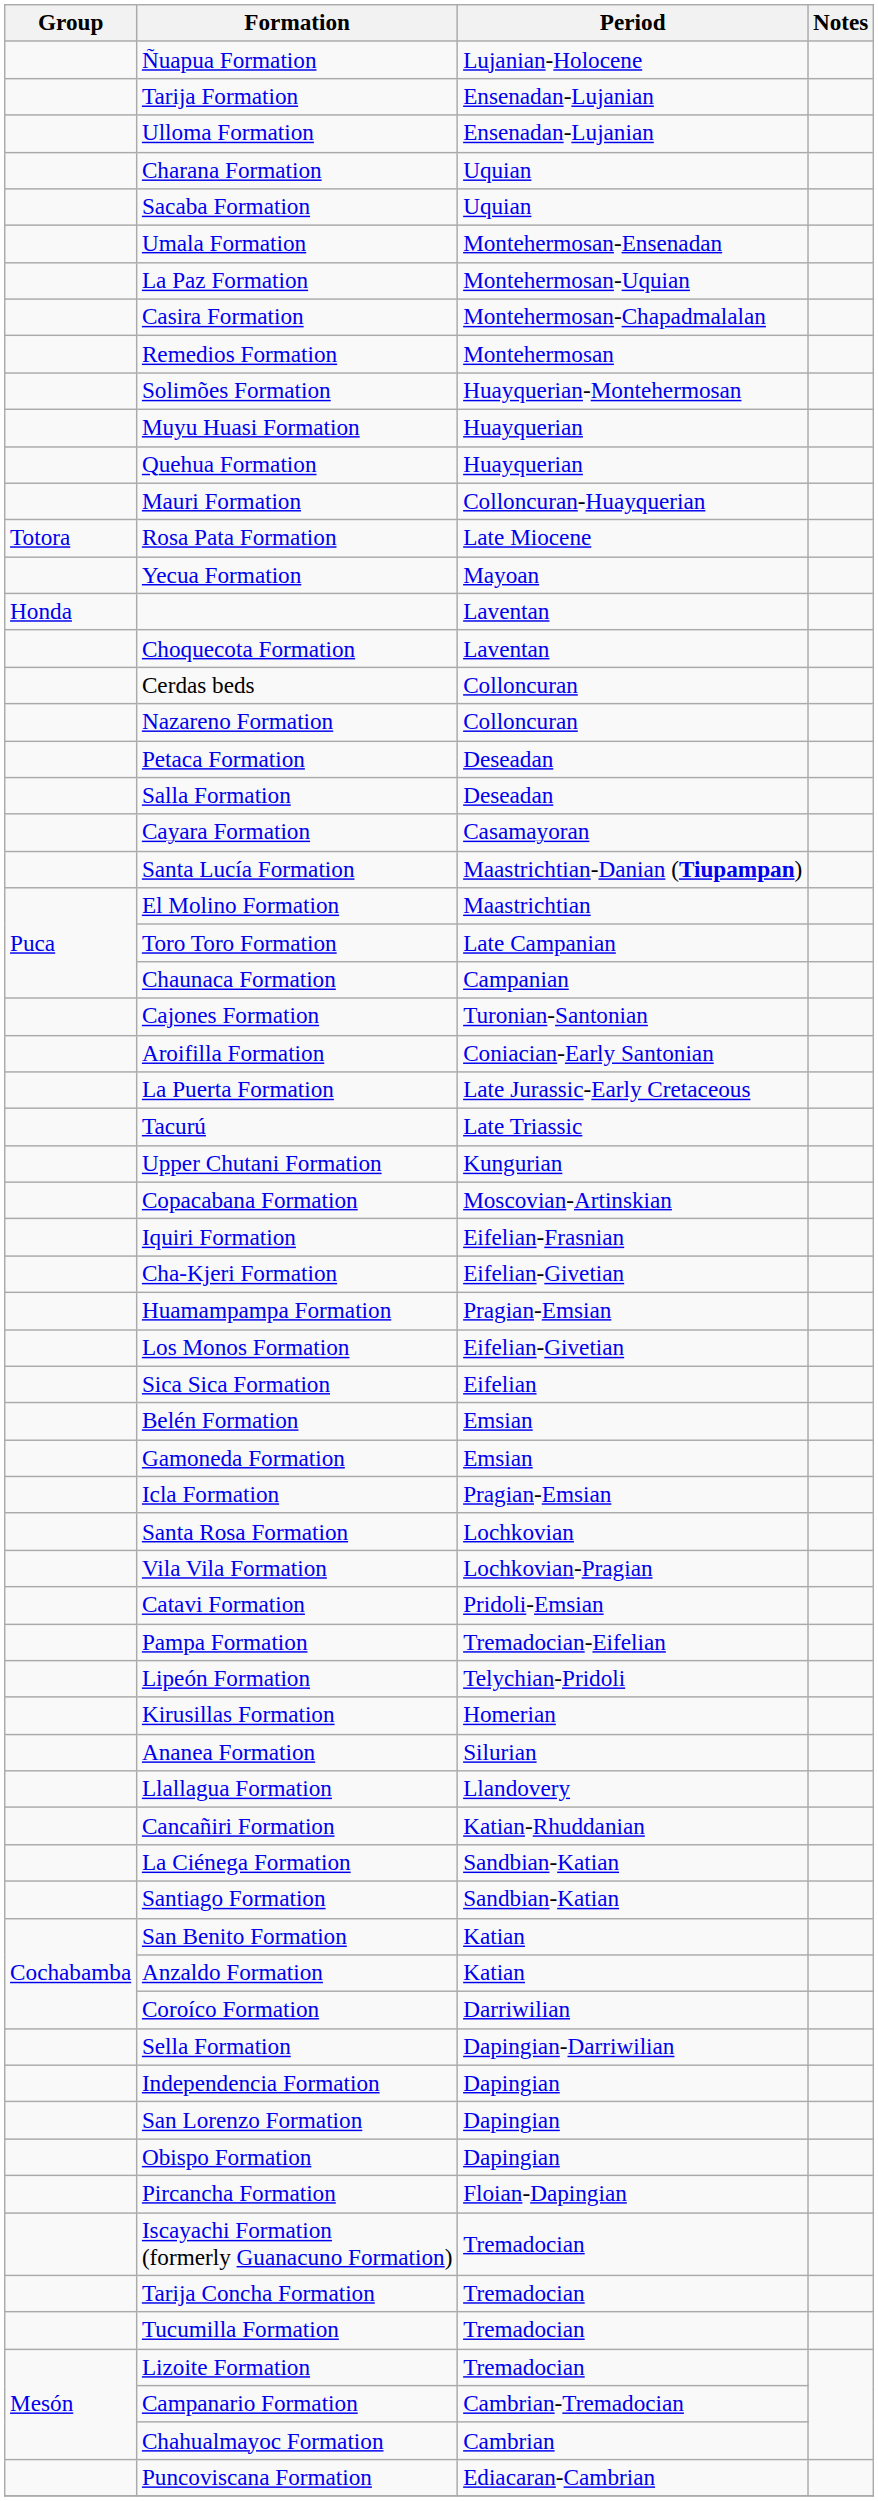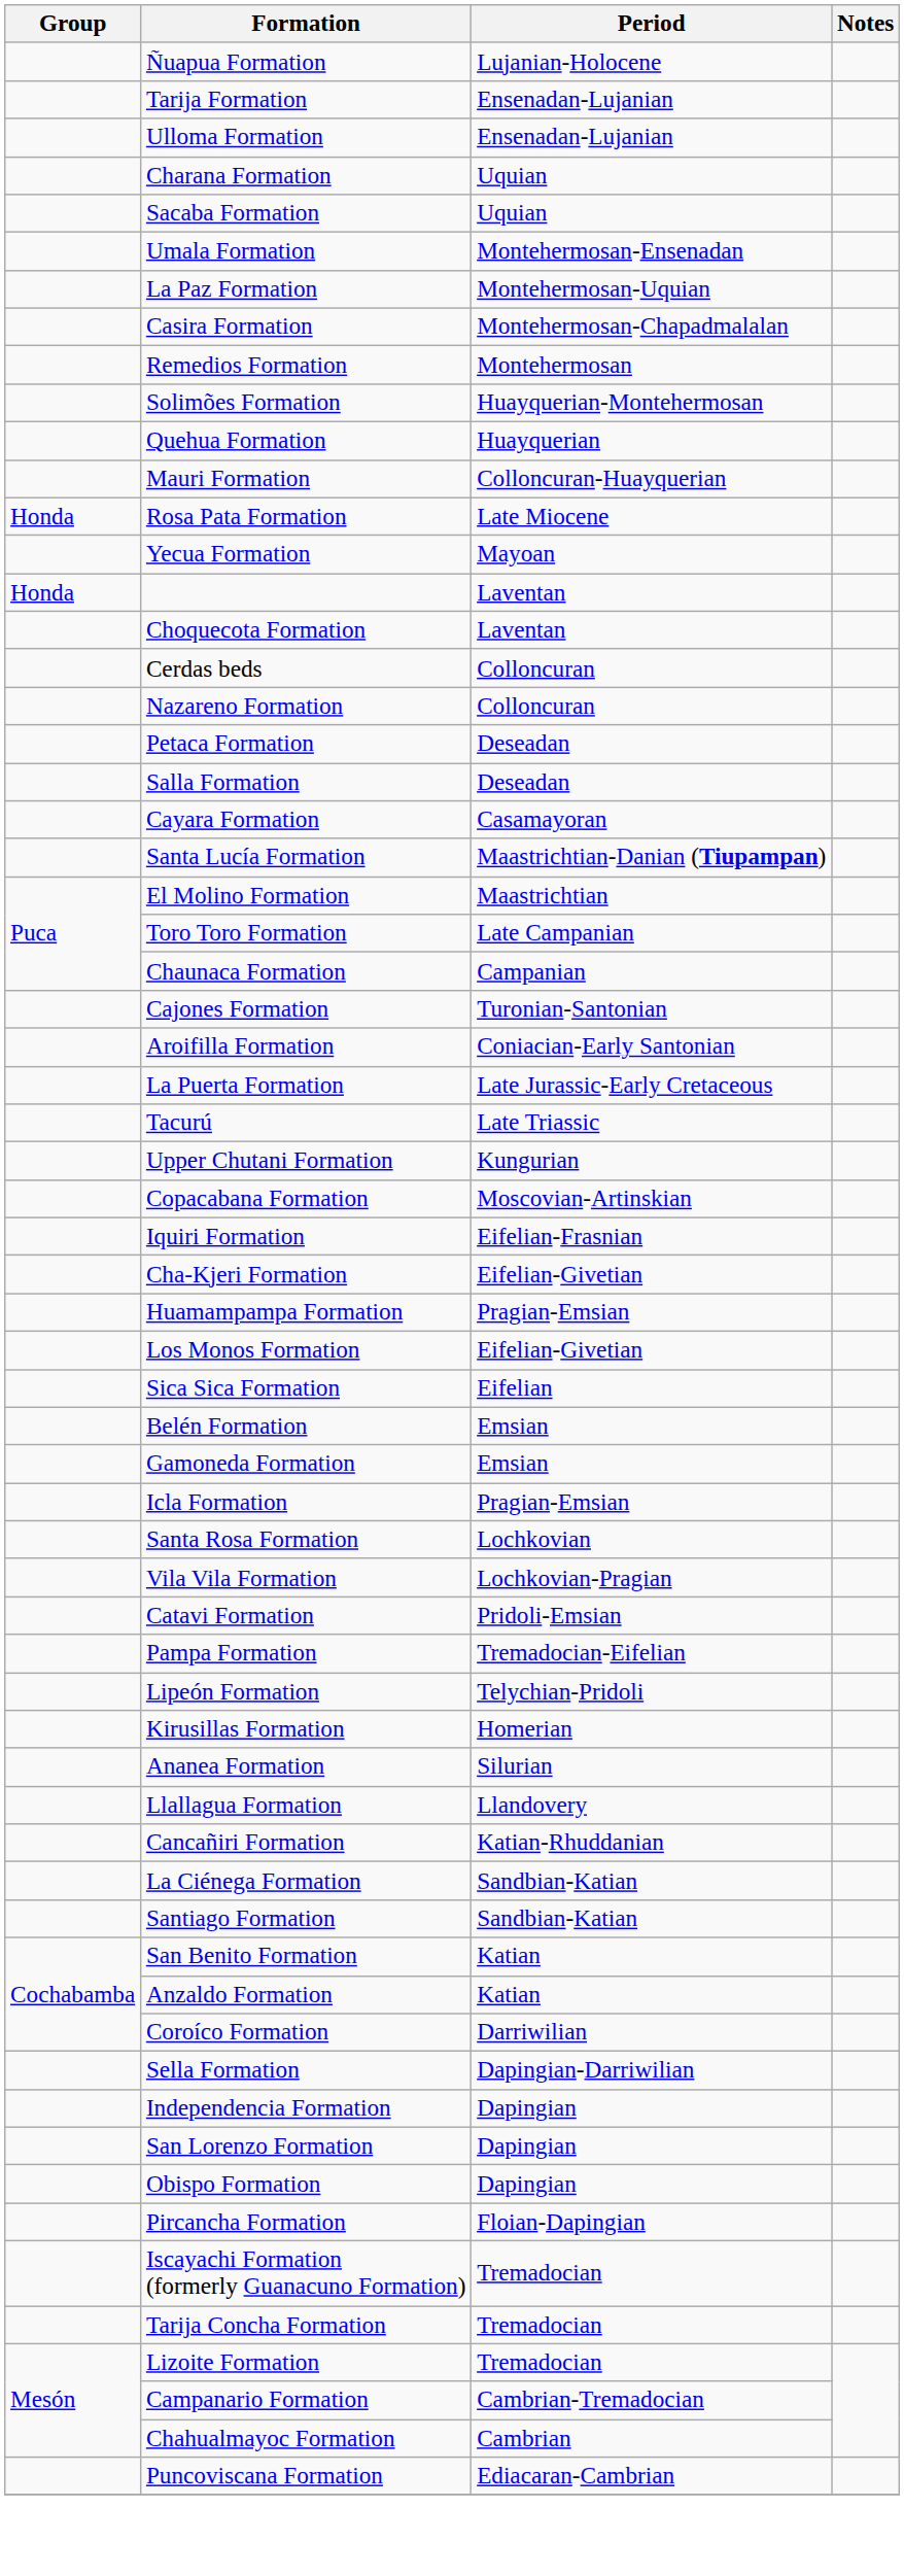 <table class="wikitable sortable">
 <tr>
 <th>Group</th>
 <th>Formation</th>
 <th>Period</th>
 <th class="unsortable">Notes</th>
 </tr>
 <tr>
 <td></td>
 <td><a href='#'>Ñuapua Formation</a></td>
 <td style="background-color: "><a href='#'>Lujanian</a>-<a href='#'>Holocene</a></td>
 <td align=center></td>
 </tr>
 <tr>
 <td></td>
 <td><a href='#'>Tarija Formation</a></td>
 <td style="background-color: "><a href='#'>Ensenadan</a>-<a href='#'>Lujanian</a></td>
 <td align=center></td>
 </tr>
 <tr>
 <td></td>
 <td><a href='#'>Ulloma Formation</a></td>
 <td style="background-color: "><a href='#'>Ensenadan</a>-<a href='#'>Lujanian</a></td>
 <td align=center></td>
 </tr>
 <tr>
 <td></td>
 <td><a href='#'>Charana Formation</a></td>
 <td style="background-color: "><a href='#'>Uquian</a></td>
 <td align=center></td>
 </tr>
 <tr>
 <td></td>
 <td><a href='#'>Sacaba Formation</a></td>
 <td style="background-color: "><a href='#'>Uquian</a></td>
 <td align=center></td>
 </tr>
 <tr>
 <td></td>
 <td><a href='#'>Umala Formation</a></td>
 <td style="background-color: "><a href='#'>Montehermosan</a>-<a href='#'>Ensenadan</a></td>
 <td align=center></td>
 </tr>
 <tr>
 <td></td>
 <td><a href='#'>La Paz Formation</a></td>
 <td style="background-color: "><a href='#'>Montehermosan</a>-<a href='#'>Uquian</a></td>
 <td align=center></td>
 </tr>
 <tr>
 <td></td>
 <td><a href='#'>Casira Formation</a></td>
 <td style="background-color: "><a href='#'>Montehermosan</a>-<a href='#'>Chapadmalalan</a></td>
 <td align=center></td>
 </tr>
 <tr>
 <td></td>
 <td><a href='#'>Remedios Formation</a></td>
 <td style="background-color: "><a href='#'>Montehermosan</a></td>
 <td align=center></td>
 </tr>
 <tr>
 <td></td>
 <td><a href='#'>Solimões Formation</a></td>
 <td style="background-color: "><a href='#'>Huayquerian</a>-<a href='#'>Montehermosan</a></td>
 <td align=center></td>
 </tr>
 <tr>
 <td></td>
-<td><a href='#'>Muyu Huasi Formation</a></td>
-<td style="background-color: "><a href='#'>Huayquerian</a></td>
-<td align=center></td>
-</tr>
-<tr>
-<td></td>
 <td><a href='#'>Quehua Formation</a></td>
 <td style="background-color: "><a href='#'>Huayquerian</a></td>
 <td align=center></td>
 </tr>
 <tr>
 <td></td>
 <td><a href='#'>Mauri Formation</a></td>
 <td style="background-color: "><a href='#'>Colloncuran</a>-<a href='#'>Huayquerian</a></td>
 <td align=center></td>
 </tr>
 <tr>
-<td><a href='#'>Totora</a></td>
+<td><a href='#'>Honda</a></td>
 <td><a href='#'>Rosa Pata Formation</a></td>
 <td style="background-color: "><a href='#'>Late Miocene</a></td>
 <td align=center></td>
 </tr>
 <tr>
 <td></td>
 <td><a href='#'>Yecua Formation</a></td>
 <td style="background-color: "><a href='#'>Mayoan</a></td>
 <td align=center></td>
 </tr>
 <tr>
 <td><a href='#'>Honda</a></td>
 <td></td>
 <td style="background-color: "><a href='#'>Laventan</a></td>
 <td align=center></td>
 </tr>
 <tr>
 <td></td>
 <td><a href='#'>Choquecota Formation</a></td>
 <td style="background-color: "><a href='#'>Laventan</a></td>
 <td align=center></td>
 </tr>
 <tr>
 <td></td>
 <td>Cerdas beds</td>
 <td style="background-color: "><a href='#'>Colloncuran</a></td>
 <td align=center></td>
 </tr>
 <tr>
 <td></td>
 <td><a href='#'>Nazareno Formation</a></td>
 <td style="background-color: "><a href='#'>Colloncuran</a></td>
 <td align=center></td>
 </tr>
 <tr>
 <td></td>
 <td><a href='#'>Petaca Formation</a></td>
 <td style="background-color: "><a href='#'>Deseadan</a></td>
 <td align=center></td>
 </tr>
 <tr>
 <td></td>
 <td><a href='#'>Salla Formation</a></td>
 <td style="background-color: "><a href='#'>Deseadan</a></td>
 <td align=center></td>
 </tr>
 <tr>
 <td></td>
 <td><a href='#'>Cayara Formation</a></td>
 <td style="background-color: "><a href='#'>Casamayoran</a></td>
 <td align=center></td>
 </tr>
 <tr>
 <td></td>
 <td><a href='#'>Santa Lucía Formation</a></td>
 <td style="background-color: "><a href='#'>Maastrichtian</a>-<a href='#'>Danian</a> (<strong><a href='#'>Tiupampan</a></strong>)</td>
 <td align=center></td>
 </tr>
 <tr>
 <td rowspan=3><a href='#'>Puca</a></td>
 <td><a href='#'>El Molino Formation</a></td>
 <td style="background-color: "><a href='#'>Maastrichtian</a></td>
 <td align=center></td>
 </tr>
 <tr>
 <td><a href='#'>Toro Toro Formation</a></td>
 <td style="background-color: "><a href='#'>Late Campanian</a></td>
 <td align=center></td>
 </tr>
 <tr>
 <td><a href='#'>Chaunaca Formation</a></td>
 <td style="background-color: "><a href='#'>Campanian</a></td>
 <td align=center></td>
 </tr>
 <tr>
 <td></td>
 <td><a href='#'>Cajones Formation</a></td>
 <td style="background-color: "><a href='#'>Turonian</a>-<a href='#'>Santonian</a></td>
 <td align=center></td>
 </tr>
 <tr>
 <td></td>
 <td><a href='#'>Aroifilla Formation</a></td>
 <td style="background-color: "><a href='#'>Coniacian</a>-<a href='#'>Early Santonian</a></td>
 <td align=center></td>
 </tr>
 <tr>
 <td></td>
 <td><a href='#'>La Puerta Formation</a></td>
 <td style="background-color: "><a href='#'>Late Jurassic</a>-<a href='#'>Early Cretaceous</a></td>
 <td align=center></td>
 </tr>
 <tr>
 <td></td>
 <td><a href='#'>Tacurú</a></td>
 <td style="background-color: "><a href='#'>Late Triassic</a></td>
 <td align=center></td>
 </tr>
 <tr>
 <td></td>
 <td><a href='#'>Upper Chutani Formation</a></td>
 <td style="background-color: "><a href='#'>Kungurian</a></td>
 <td align=center></td>
 </tr>
 <tr>
 <td></td>
 <td><a href='#'>Copacabana Formation</a></td>
 <td style="background-color: "><a href='#'>Moscovian</a>-<a href='#'>Artinskian</a></td>
 <td align=center></td>
 </tr>
 <tr>
 <td></td>
 <td><a href='#'>Iquiri Formation</a></td>
 <td style="background-color: "><a href='#'>Eifelian</a>-<a href='#'>Frasnian</a></td>
 <td align=center></td>
 </tr>
 <tr>
 <td></td>
 <td><a href='#'>Cha-Kjeri Formation</a></td>
 <td style="background-color: "><a href='#'>Eifelian</a>-<a href='#'>Givetian</a></td>
 <td align=center></td>
 </tr>
 <tr>
 <td></td>
 <td><a href='#'>Huamampampa Formation</a></td>
 <td style="background-color: "><a href='#'>Pragian</a>-<a href='#'>Emsian</a></td>
 <td align=center></td>
 </tr>
 <tr>
 <td></td>
 <td><a href='#'>Los Monos Formation</a></td>
 <td style="background-color: "><a href='#'>Eifelian</a>-<a href='#'>Givetian</a></td>
 <td align=center></td>
 </tr>
 <tr>
 <td></td>
 <td><a href='#'>Sica Sica Formation</a></td>
 <td style="background-color: "><a href='#'>Eifelian</a></td>
 <td align=center></td>
 </tr>
 <tr>
 <td></td>
 <td><a href='#'>Belén Formation</a></td>
 <td style="background-color: "><a href='#'>Emsian</a></td>
 <td align=center></td>
 </tr>
 <tr>
 <td></td>
 <td><a href='#'>Gamoneda Formation</a></td>
 <td style="background-color: "><a href='#'>Emsian</a></td>
 <td align=center></td>
 </tr>
 <tr>
 <td></td>
 <td><a href='#'>Icla Formation</a></td>
 <td style="background-color: "><a href='#'>Pragian</a>-<a href='#'>Emsian</a></td>
 <td align=center></td>
 </tr>
 <tr>
 <td></td>
 <td><a href='#'>Santa Rosa Formation</a></td>
 <td style="background-color: "><a href='#'>Lochkovian</a></td>
 <td align=center></td>
 </tr>
 <tr>
 <td></td>
 <td><a href='#'>Vila Vila Formation</a></td>
 <td style="background-color: "><a href='#'>Lochkovian</a>-<a href='#'>Pragian</a></td>
 <td align=center></td>
 </tr>
 <tr>
 <td></td>
 <td><a href='#'>Catavi Formation</a></td>
 <td style="background-color: "><a href='#'>Pridoli</a>-<a href='#'>Emsian</a></td>
 <td align=center></td>
 </tr>
 <tr>
 <td></td>
 <td><a href='#'>Pampa Formation</a></td>
 <td style="background-color: "><a href='#'>Tremadocian</a>-<a href='#'>Eifelian</a></td>
 <td align=center></td>
 </tr>
 <tr>
 <td></td>
 <td><a href='#'>Lipeón Formation</a></td>
 <td style="background-color: "><a href='#'>Telychian</a>-<a href='#'>Pridoli</a></td>
 <td align=center></td>
 </tr>
 <tr>
 <td></td>
 <td><a href='#'>Kirusillas Formation</a></td>
 <td style="background-color: "><a href='#'>Homerian</a></td>
 <td align=center></td>
 </tr>
 <tr>
 <td></td>
 <td><a href='#'>Ananea Formation</a></td>
 <td style="background-color: "><a href='#'>Silurian</a></td>
 <td align=center></td>
 </tr>
 <tr>
 <td></td>
 <td><a href='#'>Llallagua Formation</a></td>
 <td style="background-color: "><a href='#'>Llandovery</a></td>
 <td align=center></td>
 </tr>
 <tr>
 <td></td>
 <td><a href='#'>Cancañiri Formation</a></td>
 <td style="background-color: "><a href='#'>Katian</a>-<a href='#'>Rhuddanian</a></td>
 <td align=center></td>
 </tr>
 <tr>
 <td></td>
 <td><a href='#'>La Ciénega Formation</a></td>
 <td style="background-color: "><a href='#'>Sandbian</a>-<a href='#'>Katian</a></td>
 <td align=center></td>
 </tr>
 <tr>
 <td></td>
 <td><a href='#'>Santiago Formation</a></td>
 <td style="background-color: "><a href='#'>Sandbian</a>-<a href='#'>Katian</a></td>
 <td align=center></td>
 </tr>
 <tr>
 <td rowspan=3><a href='#'>Cochabamba</a></td>
 <td><a href='#'>San Benito Formation</a></td>
 <td style="background-color: "><a href='#'>Katian</a></td>
 <td align=center></td>
 </tr>
 <tr>
 <td><a href='#'>Anzaldo Formation</a></td>
 <td style="background-color: "><a href='#'>Katian</a></td>
 <td align=center></td>
 </tr>
 <tr>
 <td><a href='#'>Coroíco Formation</a></td>
 <td style="background-color: "><a href='#'>Darriwilian</a></td>
 <td align=center></td>
 </tr>
 <tr>
 <td></td>
 <td><a href='#'>Sella Formation</a></td>
 <td style="background-color: "><a href='#'>Dapingian</a>-<a href='#'>Darriwilian</a></td>
 <td align=center></td>
 </tr>
 <tr>
 <td></td>
 <td><a href='#'>Independencia Formation</a></td>
 <td style="background-color: "><a href='#'>Dapingian</a></td>
 <td align=center></td>
 </tr>
 <tr>
 <td></td>
 <td><a href='#'>San Lorenzo Formation</a></td>
 <td style="background-color: "><a href='#'>Dapingian</a></td>
 <td align=center></td>
 </tr>
 <tr>
 <td></td>
 <td><a href='#'>Obispo Formation</a></td>
 <td style="background-color: "><a href='#'>Dapingian</a></td>
 <td align=center></td>
 </tr>
 <tr>
 <td></td>
 <td><a href='#'>Pircancha Formation</a></td>
 <td style="background-color: "><a href='#'>Floian</a>-<a href='#'>Dapingian</a></td>
 <td align=center></td>
 </tr>
 <tr>
 <td></td>
 <td><a href='#'>Iscayachi Formation</a><br>(formerly <a href='#'>Guanacuno Formation</a>)</td>
 <td style="background-color: "><a href='#'>Tremadocian</a></td>
 <td align=center><br></td>
 </tr>
 <tr>
 <td></td>
 <td><a href='#'>Tarija Concha Formation</a></td>
 <td style="background-color: "><a href='#'>Tremadocian</a></td>
 <td align=center></td>
 </tr>
 <tr>
-<td></td>
-<td><a href='#'>Tucumilla Formation</a></td>
-<td style="background-color: "><a href='#'>Tremadocian</a></td>
-<td align=center></td>
-</tr>
-<tr>
 <td rowspan=3><a href='#'>Mesón</a></td>
 <td><a href='#'>Lizoite Formation</a></td>
 <td style="background-color: "><a href='#'>Tremadocian</a></td>
 <td align=center rowspan=3></td>
 </tr>
 <tr>
 <td><a href='#'>Campanario Formation</a></td>
 <td style="background-color: "><a href='#'>Cambrian</a>-<a href='#'>Tremadocian</a></td>
 </tr>
 <tr>
 <td><a href='#'>Chahualmayoc Formation</a></td>
 <td style="background-color: "><a href='#'>Cambrian</a></td>
 </tr>
 <tr>
 <td></td>
 <td><a href='#'>Puncoviscana Formation</a></td>
 <td style="background-color: "><a href='#'>Ediacaran</a>-<a href='#'>Cambrian</a></td>
 <td align=center></td>
 </tr>
 <tr>
 </tr>
 </table>
